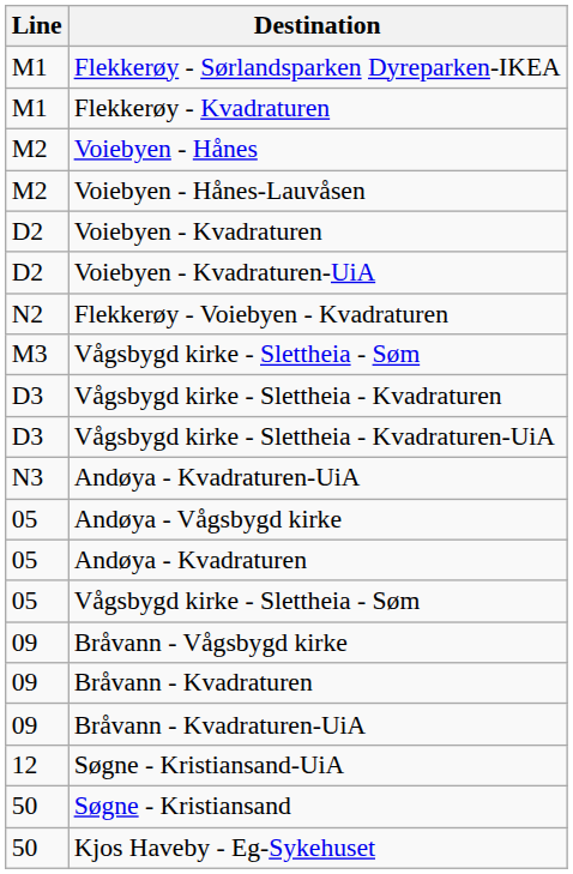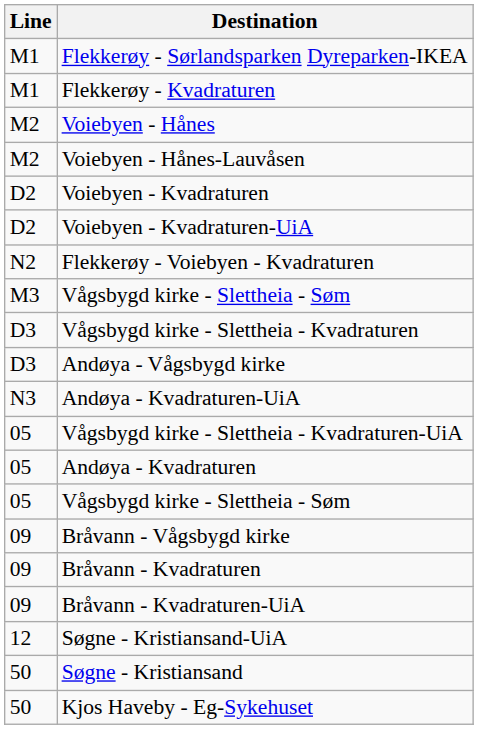 <table class="wikitable sortable collapsible autocollapse ">
 <tr>
 <th>Line</th>
 <th>Destination</th>
 </tr>
 <tr>
 <td>M1</td>
 <td><a href='#'>Flekkerøy</a> - <a href='#'>Sørlandsparken</a> <a href='#'>Dyreparken</a>-IKEA</td>
 </tr>
 <tr>
 <td>M1</td>
 <td>Flekkerøy - <a href='#'>Kvadraturen</a></td>
 </tr>
 <tr>
 <td>M2</td>
 <td><a href='#'>Voiebyen</a> - <a href='#'>Hånes</a></td>
 </tr>
 <tr>
 <td>M2</td>
 <td>Voiebyen - Hånes-Lauvåsen</td>
 </tr>
 <tr>
 <td>D2</td>
 <td>Voiebyen - Kvadraturen</td>
 </tr>
 <tr>
 <td>D2</td>
 <td>Voiebyen - Kvadraturen-<a href='#'>UiA</a></td>
 </tr>
 <tr>
 <td>N2</td>
 <td>Flekkerøy - Voiebyen - Kvadraturen</td>
 </tr>
 <tr>
 <td>M3</td>
 <td>Vågsbygd kirke - <a href='#'>Slettheia</a> - <a href='#'>Søm</a></td>
 </tr>
 <tr>
 <td>D3</td>
 <td>Vågsbygd kirke - Slettheia - Kvadraturen</td>
 </tr>
 <tr>
 <td>D3</td>
-<td>Vågsbygd kirke - Slettheia - Kvadraturen-UiA</td>
+<td>Andøya - Vågsbygd kirke</td>
 </tr>
 <tr>
 <td>N3</td>
 <td>Andøya - Kvadraturen-UiA</td>
 </tr>
 <tr>
 <td>05</td>
-<td>Andøya - Vågsbygd kirke</td>
+<td>Vågsbygd kirke - Slettheia - Kvadraturen-UiA</td>
 </tr>
 <tr>
 <td>05</td>
 <td>Andøya - Kvadraturen</td>
 </tr>
 <tr>
 <td>05</td>
 <td>Vågsbygd kirke - Slettheia - Søm</td>
 </tr>
 <tr>
 <td>09</td>
 <td>Bråvann - Vågsbygd kirke</td>
 </tr>
 <tr>
 <td>09</td>
 <td>Bråvann - Kvadraturen</td>
 </tr>
 <tr>
 <td>09</td>
 <td>Bråvann - Kvadraturen-UiA</td>
 </tr>
 <tr>
 <td>12</td>
 <td>Søgne - Kristiansand-UiA</td>
 </tr>
 <tr>
 <td>50</td>
 <td><a href='#'>Søgne</a> - Kristiansand</td>
 </tr>
 <tr>
 <td>50</td>
 <td>Kjos Haveby - Eg-<a href='#'>Sykehuset</a></td>
 </tr>
 </table>
